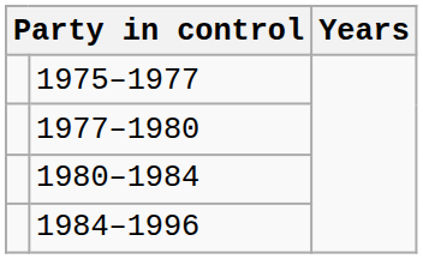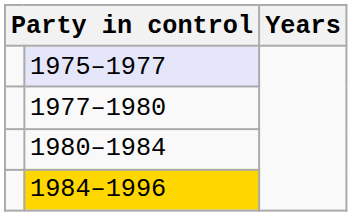 <table class="wikitable">
 <tr>
 <th colspan="2">Party in control</th>
 <th>Years</th>
 </tr>
 <tr>
 <td></td>
-<td>1975–1977</td>
+<td style="background: lavender;">1975–1977</td>
 </tr>
 <tr>
 <td></td>
 <td>1977–1980</td>
 </tr>
 <tr>
 <td></td>
 <td>1980–1984</td>
 </tr>
 <tr>
 <td></td>
-<td>1984–1996</td>
+<td style="background: gold;">1984–1996</td>
 </tr>
 </table>
